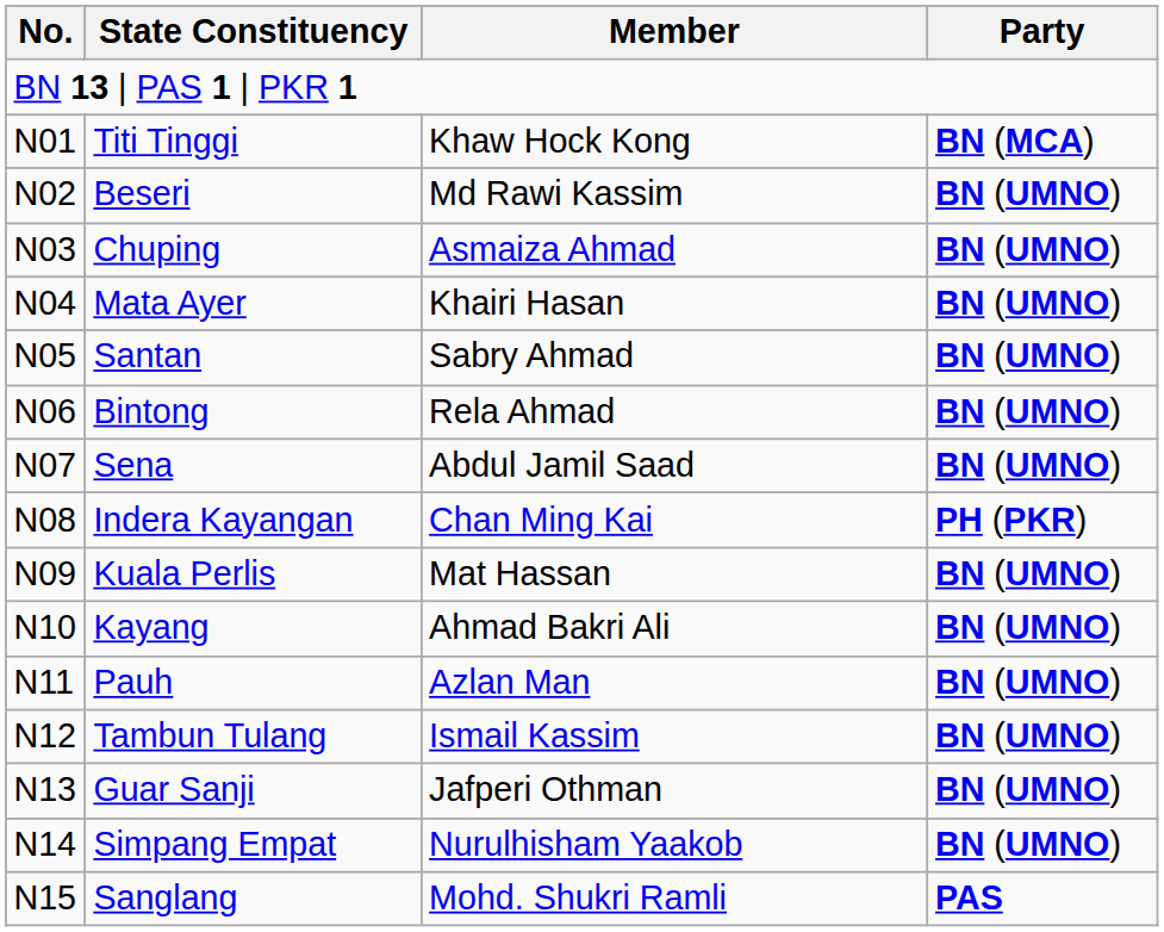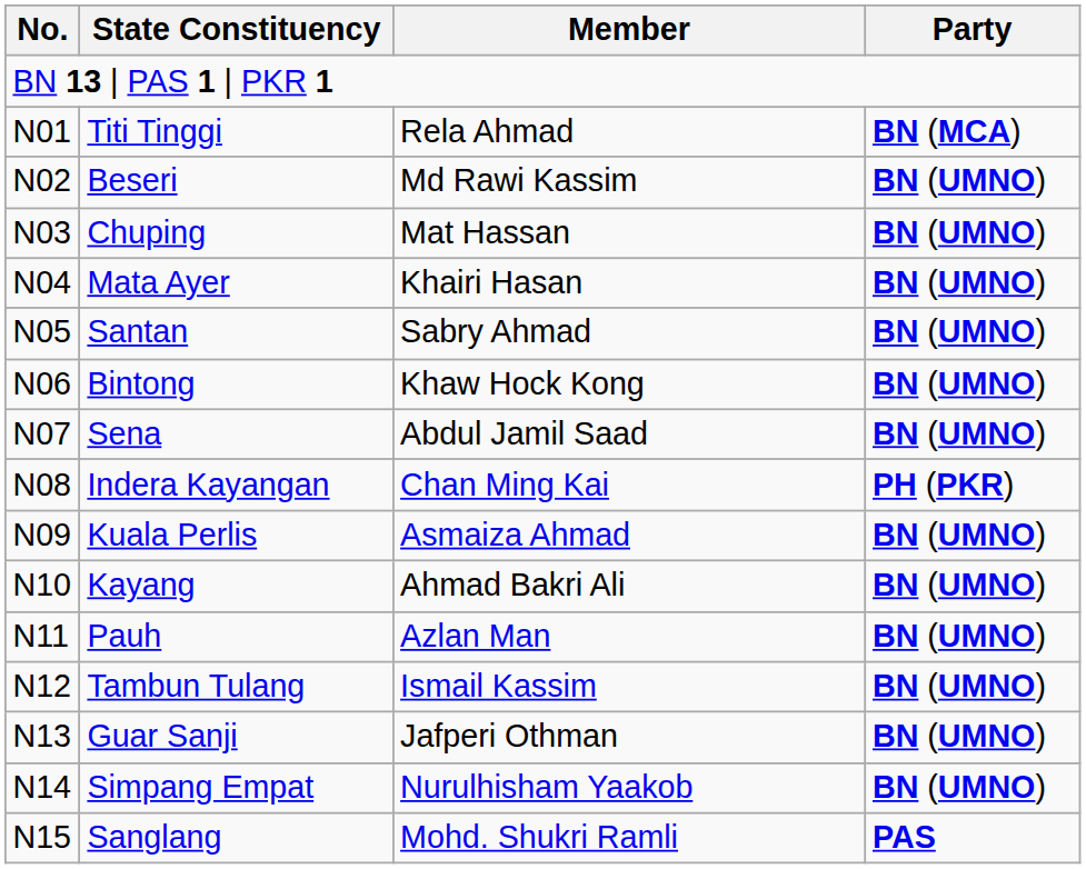 <table class="wikitable sortable">
 <tr>
 <th style="width:30px;">No.</th>
 <th style="width:150px;">State Constituency</th>
 <th style="width:230px;">Member</th>
 <th style="width:100px;">Party</th>
 </tr>
 <tr>
 <td colspan="4"><a href='#'>BN</a> <strong>13</strong> | <a href='#'>PAS</a> <strong>1</strong> | <a href='#'>PKR</a> <strong>1</strong></td>
 </tr>
 <tr>
 <td>N01</td>
 <td><a href='#'>Titi Tinggi</a></td>
-<td>Khaw Hock Kong</td>
+<td>Rela Ahmad</td>
 <td><strong><a href='#'>BN</a></strong> (<strong><a href='#'>MCA</a></strong>)</td>
 </tr>
 <tr>
 <td>N02</td>
 <td><a href='#'>Beseri</a></td>
 <td>Md Rawi Kassim</td>
 <td><strong><a href='#'>BN</a></strong> (<strong><a href='#'>UMNO</a></strong>)</td>
 </tr>
 <tr>
 <td>N03</td>
 <td><a href='#'>Chuping</a></td>
-<td><a href='#'>Asmaiza Ahmad</a></td>
+<td>Mat Hassan</td>
 <td><strong><a href='#'>BN</a></strong> (<strong><a href='#'>UMNO</a></strong>)</td>
 </tr>
 <tr>
 <td>N04</td>
 <td><a href='#'>Mata Ayer</a></td>
 <td>Khairi Hasan</td>
 <td><strong><a href='#'>BN</a></strong> (<strong><a href='#'>UMNO</a></strong>)</td>
 </tr>
 <tr>
 <td>N05</td>
 <td><a href='#'>Santan</a></td>
 <td>Sabry Ahmad</td>
 <td><strong><a href='#'>BN</a></strong> (<strong><a href='#'>UMNO</a></strong>)</td>
 </tr>
 <tr>
 <td>N06</td>
 <td><a href='#'>Bintong</a></td>
-<td>Rela Ahmad</td>
+<td>Khaw Hock Kong</td>
 <td><strong><a href='#'>BN</a></strong> (<strong><a href='#'>UMNO</a></strong>)</td>
 </tr>
 <tr>
 <td>N07</td>
 <td><a href='#'>Sena</a></td>
 <td>Abdul Jamil Saad</td>
 <td><strong><a href='#'>BN</a></strong> (<strong><a href='#'>UMNO</a></strong>)</td>
 </tr>
 <tr>
 <td>N08</td>
 <td><a href='#'>Indera Kayangan</a></td>
 <td><a href='#'>Chan Ming Kai</a></td>
 <td><strong><a href='#'>PH</a></strong> (<strong><a href='#'>PKR</a></strong>)</td>
 </tr>
 <tr>
 <td>N09</td>
 <td><a href='#'>Kuala Perlis</a></td>
-<td>Mat Hassan</td>
+<td><a href='#'>Asmaiza Ahmad</a></td>
 <td><strong><a href='#'>BN</a></strong> (<strong><a href='#'>UMNO</a></strong>)</td>
 </tr>
 <tr>
 <td>N10</td>
 <td><a href='#'>Kayang</a></td>
 <td>Ahmad Bakri Ali</td>
 <td><strong><a href='#'>BN</a></strong> (<strong><a href='#'>UMNO</a></strong>)</td>
 </tr>
 <tr>
 <td>N11</td>
 <td><a href='#'>Pauh</a></td>
 <td><a href='#'>Azlan Man</a></td>
 <td><strong><a href='#'>BN</a></strong> (<strong><a href='#'>UMNO</a></strong>)</td>
 </tr>
 <tr>
 <td>N12</td>
 <td><a href='#'>Tambun Tulang</a></td>
 <td><a href='#'>Ismail Kassim</a></td>
 <td><strong><a href='#'>BN</a></strong> (<strong><a href='#'>UMNO</a></strong>)</td>
 </tr>
 <tr>
 <td>N13</td>
 <td><a href='#'>Guar Sanji</a></td>
 <td>Jafperi Othman</td>
 <td><strong><a href='#'>BN</a></strong> (<strong><a href='#'>UMNO</a></strong>)</td>
 </tr>
 <tr>
 <td>N14</td>
 <td><a href='#'>Simpang Empat</a></td>
 <td><a href='#'>Nurulhisham Yaakob</a></td>
 <td><strong><a href='#'>BN</a></strong> (<strong><a href='#'>UMNO</a></strong>)</td>
 </tr>
 <tr>
 <td>N15</td>
 <td><a href='#'>Sanglang</a></td>
 <td><a href='#'>Mohd. Shukri Ramli</a></td>
 <td><strong><a href='#'>PAS</a></strong></td>
 </tr>
 </table>
